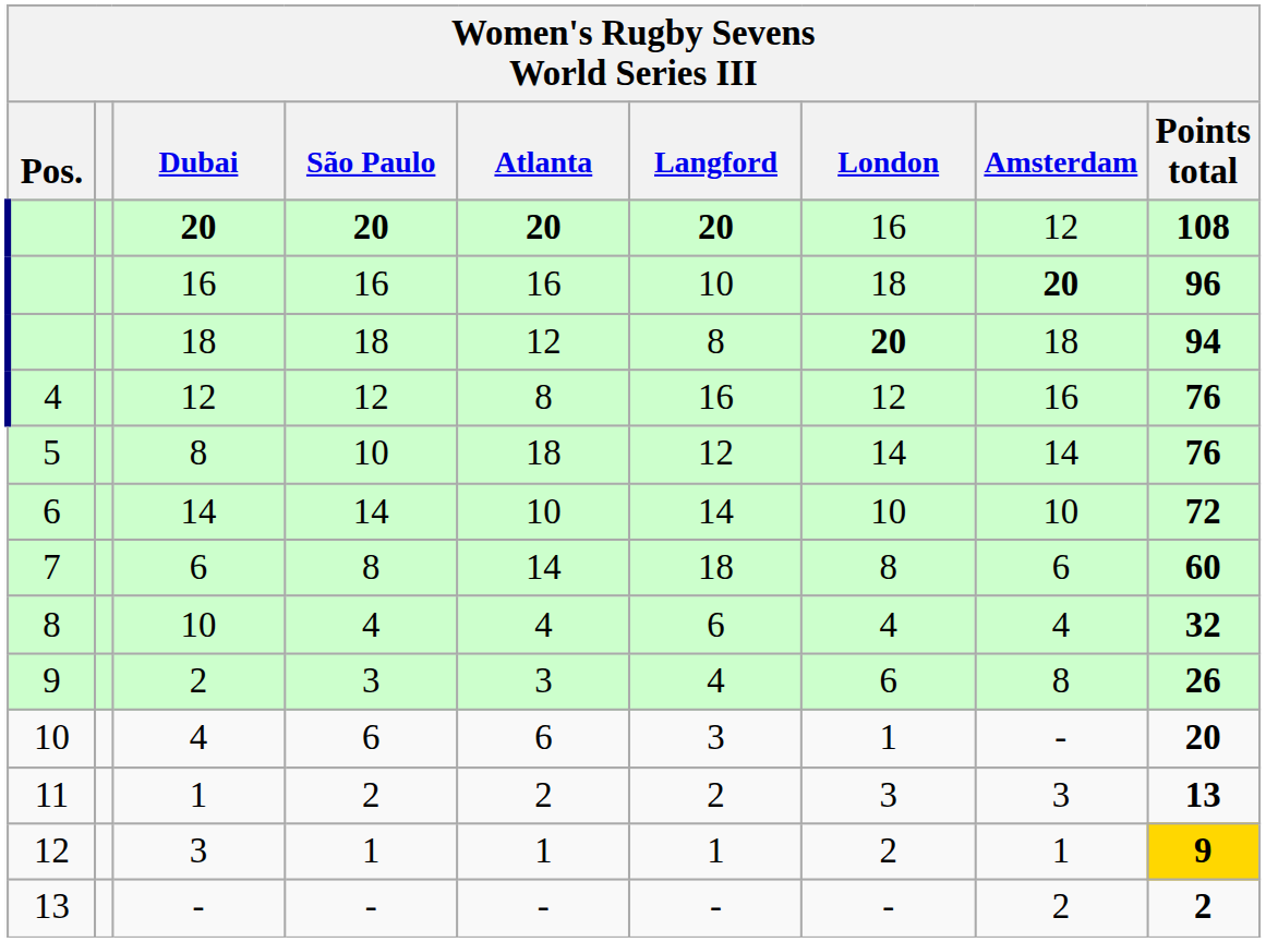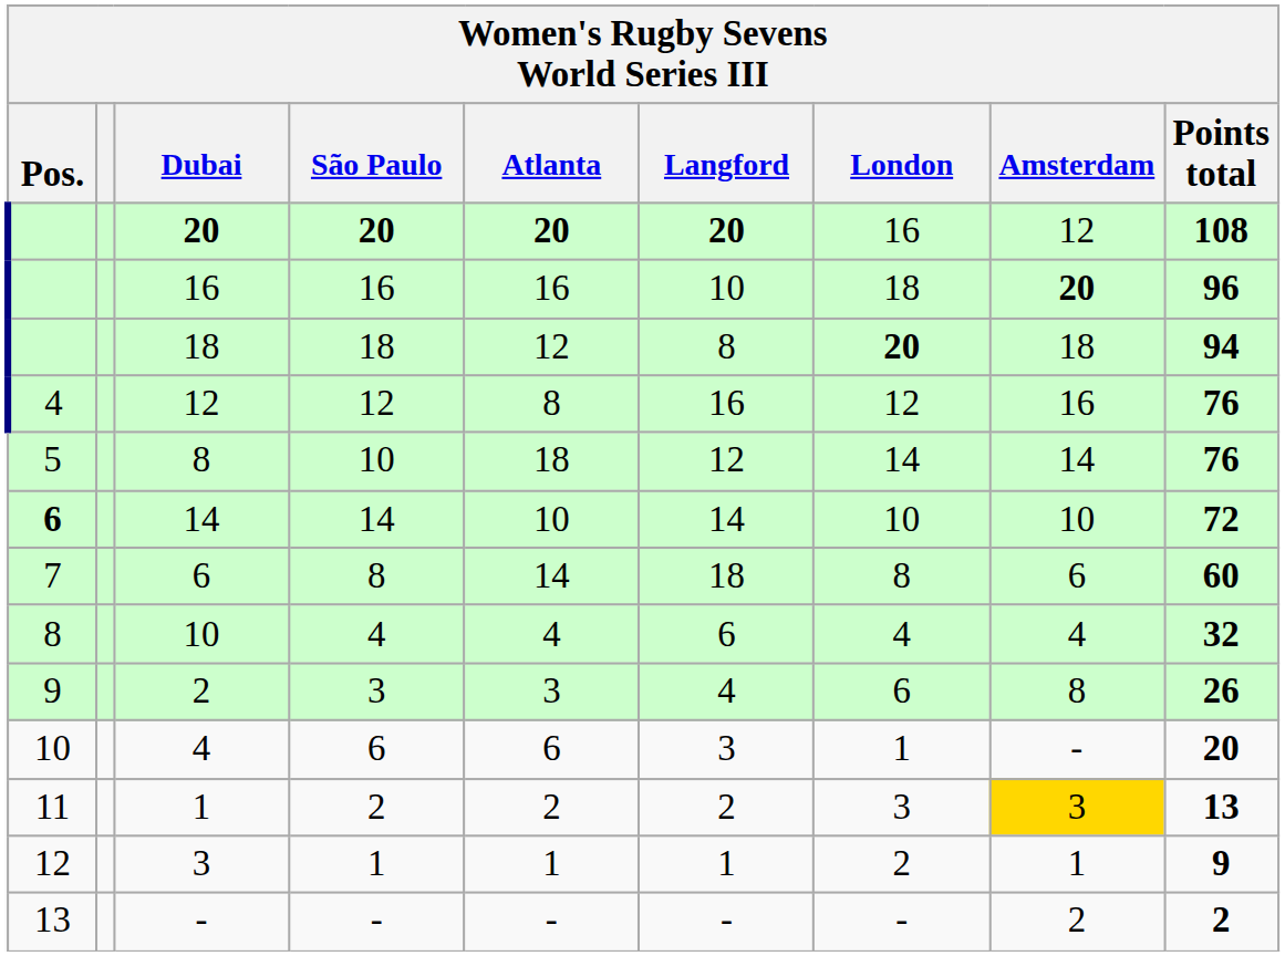 <table class="wikitable" style="text-align:center">
 <tr bgcolor="#efefef">
 <th colspan=9 style="border-right:0px;";>Women's Rugby Sevens<br>World Series III</th>
 </tr>
 <tr bgcolor="#efefef">
 <th style="width:2em;"><br>Pos.</th>
 <th></th>
 <th style="width:5.2em; vertical-align:top; font-size:85%;"><br><a href='#'>Dubai</a></th>
 <th style="width:5.2em; vertical-align:top; font-size:85%;"><br><a href='#'>São Paulo</a></th>
 <th style="width:5.2em; vertical-align:top; font-size:85%;"><br><a href='#'>Atlanta</a></th>
 <th style="width:5.2em; vertical-align:top; font-size:85%;"><br><a href='#'>Langford</a></th>
 <th style="width:5.2em; vertical-align:top; font-size:85%;"><br><a href='#'>London</a></th>
 <th style="width:5.2em; vertical-align:top; font-size:85%;"><br><a href='#'>Amsterdam</a></th>
 <th>Points<br>total</th>
 </tr>
 <tr bgcolor=ccffcc style="border-left:3px solid navy">
 <td></td>
 <td align=left></td>
 <td><strong>20</strong></td>
 <td><strong>20</strong></td>
 <td><strong>20</strong></td>
 <td><strong>20</strong></td>
 <td>16</td>
 <td>12</td>
 <td><strong>108</strong></td>
 </tr>
 <tr bgcolor=ccffcc style="border-left:3px solid navy">
 <td></td>
 <td align=left></td>
 <td>16</td>
 <td>16</td>
 <td>16</td>
 <td>10</td>
 <td>18</td>
 <td><strong>20</strong></td>
 <td><strong>96</strong></td>
 </tr>
 <tr bgcolor=ccffcc style="border-left:3px solid navy">
 <td></td>
 <td align=left></td>
 <td>18</td>
 <td>18</td>
 <td>12</td>
 <td>8</td>
 <td><strong>20</strong></td>
 <td>18</td>
 <td><strong>94</strong></td>
 </tr>
 <tr bgcolor=ccffcc style="border-left:3px solid navy">
 <td>4</td>
 <td align=left></td>
 <td>12</td>
 <td>12</td>
 <td>8</td>
 <td>16</td>
 <td>12</td>
 <td>16</td>
 <td><strong>76</strong></td>
 </tr>
 <tr bgcolor=ccffcc>
 <td>5</td>
 <td align=left></td>
 <td>8</td>
 <td>10</td>
 <td>18</td>
 <td>12</td>
 <td>14</td>
 <td>14</td>
 <td><strong>76</strong></td>
 </tr>
 <tr bgcolor=ccffcc>
-<td>6</td>
+<td><strong>6</strong></td>
 <td align=left></td>
 <td>14</td>
 <td>14</td>
 <td>10</td>
 <td>14</td>
 <td>10</td>
 <td>10</td>
 <td><strong>72</strong></td>
 </tr>
 <tr bgcolor=ccffcc>
 <td>7</td>
 <td align=left></td>
 <td>6</td>
 <td>8</td>
 <td>14</td>
 <td>18</td>
 <td>8</td>
 <td>6</td>
 <td><strong>60</strong></td>
 </tr>
 <tr bgcolor=ccffcc>
 <td>8</td>
 <td align=left></td>
 <td>10</td>
 <td>4</td>
 <td>4</td>
 <td>6</td>
 <td>4</td>
 <td>4</td>
 <td><strong>32</strong></td>
 </tr>
 <tr bgcolor=ccffcc>
 <td>9</td>
 <td align=left></td>
 <td>2</td>
 <td>3</td>
 <td>3</td>
 <td>4</td>
 <td>6</td>
 <td>8</td>
 <td><strong>26</strong></td>
 </tr>
 <tr>
 <td>10</td>
 <td align=left></td>
 <td>4</td>
 <td>6</td>
 <td>6</td>
 <td>3</td>
 <td>1</td>
 <td>-</td>
 <td><strong>20</strong></td>
 </tr>
 <tr>
 <td>11</td>
 <td align=left></td>
 <td>1</td>
 <td>2</td>
 <td>2</td>
 <td>2</td>
 <td>3</td>
-<td>3</td>
+<td style="background: gold;">3</td>
 <td><strong>13</strong></td>
 </tr>
 <tr>
 <td>12</td>
 <td align=left></td>
 <td>3</td>
 <td>1</td>
 <td>1</td>
 <td>1</td>
 <td>2</td>
 <td>1</td>
-<td style="background: gold;"><strong>9</strong></td>
+<td><strong>9</strong></td>
 </tr>
 <tr>
 <td>13</td>
 <td align=left></td>
 <td>-</td>
 <td>-</td>
 <td>-</td>
 <td>-</td>
 <td>-</td>
 <td>2</td>
 <td><strong>2</strong></td>
 </tr>
 </table>
